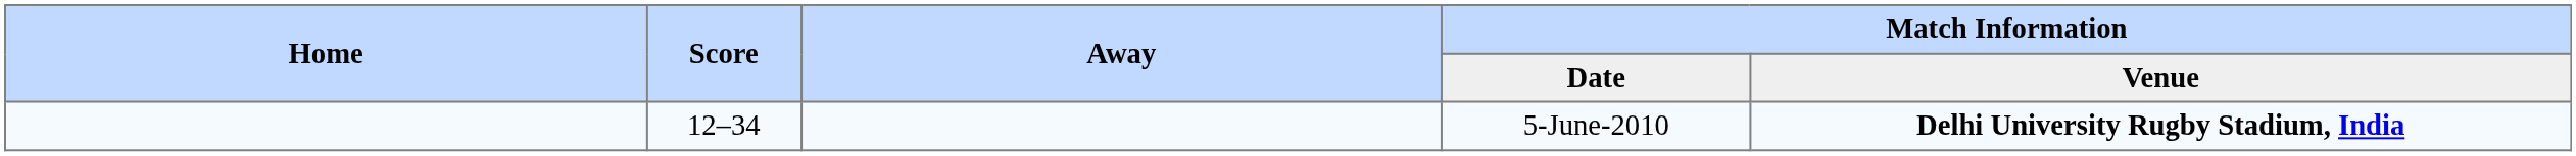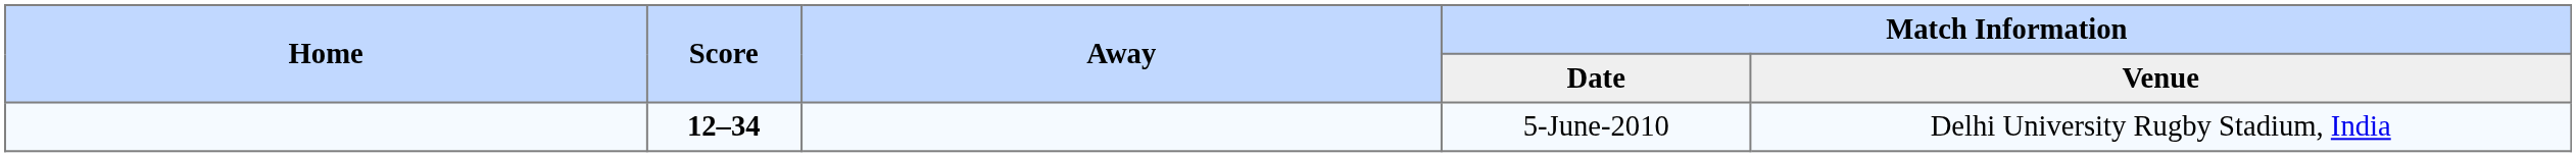 <table border=1 style="border-collapse:collapse; font-size:90%; text-align:center;" cellpadding=3 cellspacing=0 width=100%>
 <tr bgcolor=#C1D8FF>
 <th rowspan=2 width=25%>Home</th>
 <th rowspan=2 width=6%>Score</th>
 <th rowspan=2 width=25%>Away</th>
 <th colspan=6>Match Information</th>
 </tr>
 <tr bgcolor=#EFEFEF>
 <th width=12%>Date</th>
 <th width=32%>Venue</th>
 </tr>
 <tr bgcolor=#F5FAFF>
 <td align=right></td>
-<td>12–34</td>
+<td><strong>12–34</strong></td>
 <td align=left><strong></strong></td>
 <td>5-June-2010</td>
-<td><strong>Delhi University Rugby Stadium, <a href='#'>India</a></strong></td>
+<td>Delhi University Rugby Stadium, <a href='#'>India</a></td>
 </tr>
 </table>
